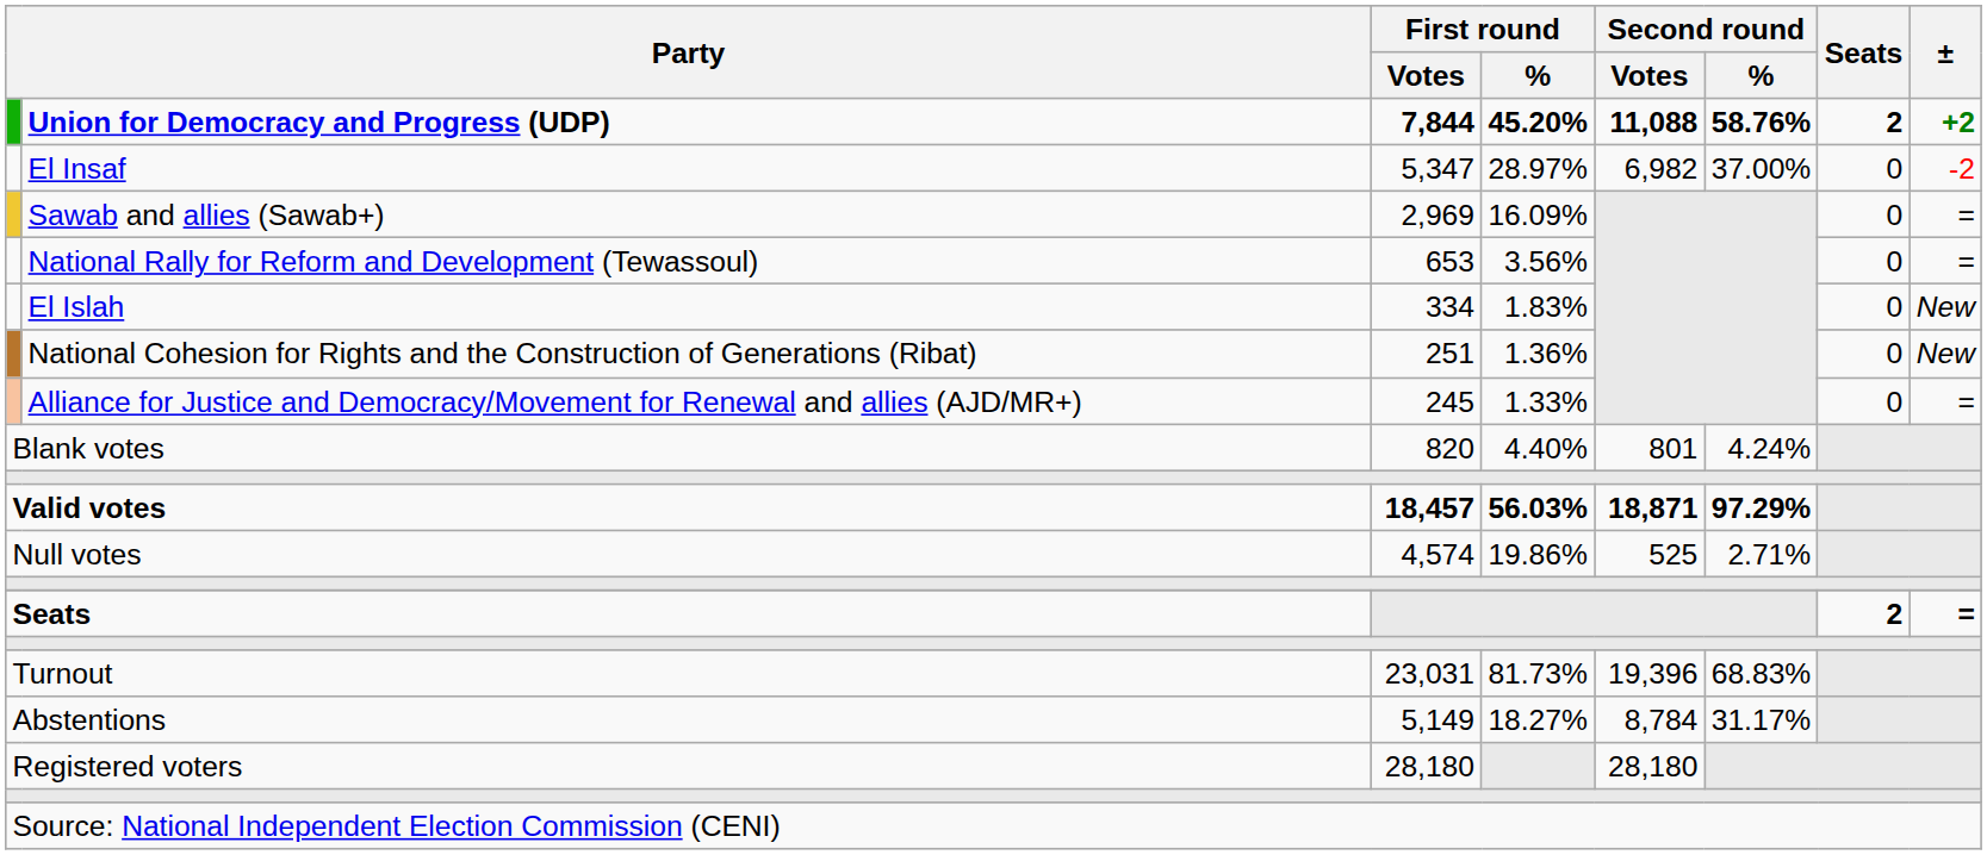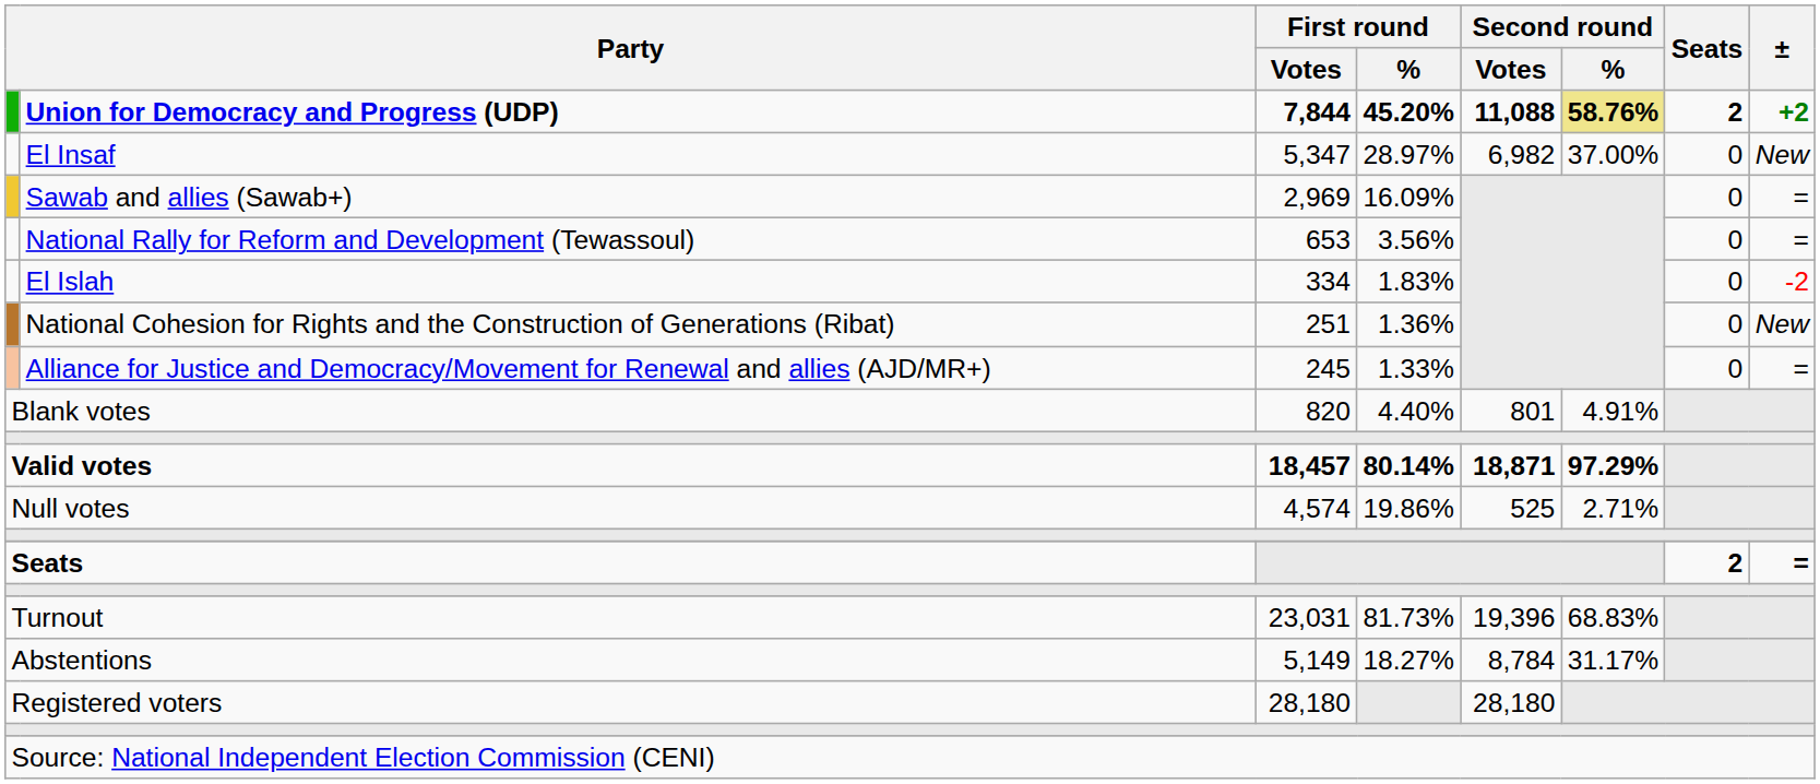 <table class="wikitable" style="text-align:right;font-size:95%;">
 <tr>
 <th rowspan="2" colspan="2" width="700">Party</th>
 <th colspan="2">First round</th>
 <th colspan="2">Second round</th>
 <th rowspan="2" width="25">Seats</th>
 <th rowspan="2" width="20">±</th>
 </tr>
 <tr>
 <th width="50">Votes</th>
 <th width="50">%</th>
 <th width="50">Votes</th>
 <th width="50">%</th>
 </tr>
 <tr>
 <td width="1" style="color:inherit;background:#0FAF05;"></td>
 <td style="text-align:left;"><strong><a href='#'>Union for Democracy and Progress</a> (UDP)</strong></td>
 <td><strong>7,844</strong></td>
 <td><strong>45.20%</strong></td>
 <td><strong>11,088</strong></td>
-<td><strong>58.76%</strong></td>
+<td style="background: khaki;"><strong>58.76%</strong></td>
 <td><strong>2</strong></td>
 <td style="color:green;"><strong>+2</strong></td>
 </tr>
 <tr>
 <td width="1" style="color:inherit;background:"></td>
 <td style="text-align:left;"><a href='#'>El Insaf</a></td>
 <td>5,347</td>
 <td>28.97%</td>
 <td>6,982</td>
 <td>37.00%</td>
 <td>0</td>
-<td style="color:red;">-2</td>
+<td><em>New</em></td>
 </tr>
 <tr>
 <td width="1" style="color:inherit;background:#F0C832;"></td>
 <td style="text-align:left;"><a href='#'>Sawab</a> and <a href='#'>allies</a> (Sawab+)</td>
 <td>2,969</td>
 <td>16.09%</td>
 <td colspan="2" rowspan="5" style="background:#E9E9E9;"></td>
 <td>0</td>
 <td>=</td>
 </tr>
 <tr>
 <td width="1" style="color:inherit;background:"></td>
 <td style="text-align:left;"><a href='#'>National Rally for Reform and Development</a> (Tewassoul)</td>
 <td>653</td>
 <td>3.56%</td>
 <td>0</td>
 <td>=</td>
 </tr>
 <tr>
 <td width="1" style="color:inherit;background:"></td>
 <td style="text-align:left;"><a href='#'>El Islah</a></td>
 <td>334</td>
 <td>1.83%</td>
 <td>0</td>
-<td><em>New</em></td>
+<td style="color:red;">-2</td>
 </tr>
 <tr>
 <td width="1" style="color:inherit;background:#B7752C;"></td>
 <td style="text-align:left;">National Cohesion for Rights and the Construction of Generations (Ribat)</td>
 <td>251</td>
 <td>1.36%</td>
 <td>0</td>
 <td><em>New</em></td>
 </tr>
 <tr>
 <td width="1" style="color:inherit;background:#F8C3A0;"></td>
 <td style="text-align:left;"><a href='#'>Alliance for Justice and Democracy/Movement for Renewal</a> and <a href='#'>allies</a> (AJD/MR+)</td>
 <td>245</td>
 <td>1.33%</td>
 <td>0</td>
 <td>=</td>
 </tr>
 <tr>
 <td colspan="2" style="text-align:left;">Blank votes</td>
 <td>820</td>
 <td>4.40%</td>
 <td>801</td>
-<td>4.24%</td>
+<td>4.91%</td>
 <td colspan="2" style="background:#E9E9E9;"></td>
 </tr>
 <tr>
 <td colspan="8" style="background:#E9E9E9;"></td>
 </tr>
 <tr style="font-weight:bold;">
 <td colspan="2" style="text-align:left;">Valid votes</td>
 <td>18,457</td>
-<td>56.03%</td>
+<td>80.14%</td>
 <td>18,871</td>
 <td>97.29%</td>
 <td colspan="2" style="background:#E9E9E9;"></td>
 </tr>
 <tr>
 <td colspan="2" style="text-align:left;">Null votes</td>
 <td>4,574</td>
 <td>19.86%</td>
 <td>525</td>
 <td>2.71%</td>
 <td colspan="2" style="background:#E9E9E9;"></td>
 </tr>
 <tr>
 <td colspan="8" style="background:#E9E9E9;"></td>
 </tr>
 <tr>
 </tr>
 <tr style="font-weight:bold;">
 <td colspan="2" style="text-align:left;">Seats</td>
 <td colspan="4" style="background:#E9E9E9;"></td>
 <td>2</td>
 <td>=</td>
 </tr>
 <tr>
 <td colspan="8" style="background:#E9E9E9;"></td>
 </tr>
 <tr>
 <td colspan="2" style="text-align:left;">Turnout</td>
 <td>23,031</td>
 <td>81.73%</td>
 <td>19,396</td>
 <td>68.83%</td>
 <td colspan="2" style="background:#E9E9E9;"></td>
 </tr>
 <tr>
 <td colspan="2" style="text-align:left;">Abstentions</td>
 <td>5,149</td>
 <td>18.27%</td>
 <td>8,784</td>
 <td>31.17%</td>
 <td colspan="2" style="background:#E9E9E9;"></td>
 </tr>
 <tr>
 <td colspan="2" style="text-align:left;">Registered voters</td>
 <td>28,180</td>
 <td style="color:inherit;background:#E9E9E9;"></td>
 <td>28,180</td>
 <td colspan="3" style="background:#E9E9E9;"></td>
 </tr>
 <tr>
 <td colspan="8" style="background:#E9E9E9;"></td>
 </tr>
 <tr>
 <td colspan="8" style="text-align:left;">Source: <a href='#'>National Independent Election Commission</a> (CENI)</td>
 </tr>
 </table>
